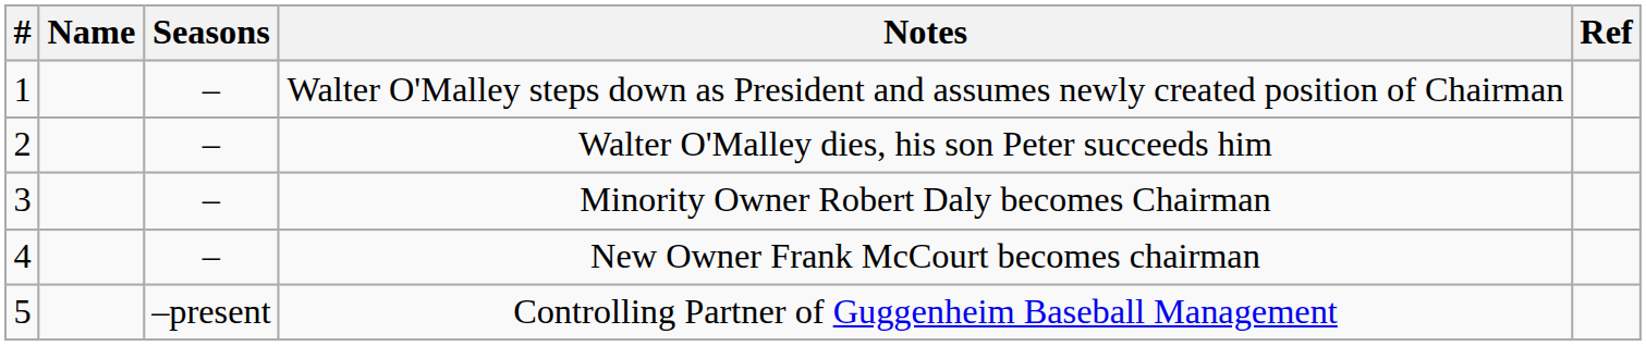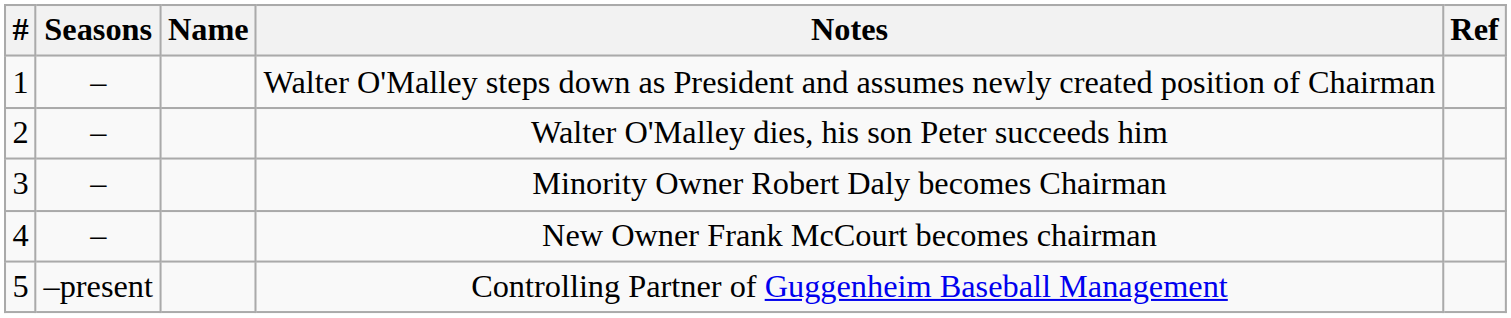 <table class="wikitable sortable" style="text-align:center">
 <tr>
 <th class="unsortable">#</th>
+<th>Seasons</th>
 <th>Name</th>
-<th>Seasons</th>
 <th class="unsortable">Notes</th>
 <th class="unsortable">Ref</th>
 </tr>
 <tr>
 <td>1</td>
+<td>–</td>
 <td></td>
-<td>–</td>
 <td>Walter O'Malley steps down as President and assumes newly created position of Chairman</td>
 <td></td>
 </tr>
 <tr>
 <td>2</td>
+<td>–</td>
 <td></td>
-<td>–</td>
 <td>Walter O'Malley dies, his son Peter succeeds him</td>
 <td></td>
 </tr>
 <tr>
 <td>3</td>
+<td>–</td>
 <td></td>
-<td>–</td>
 <td>Minority Owner Robert Daly becomes Chairman</td>
 <td></td>
 </tr>
 <tr>
 <td>4</td>
+<td>–</td>
 <td></td>
-<td>–</td>
 <td>New Owner Frank McCourt becomes chairman</td>
 <td></td>
 </tr>
 <tr>
 <td>5</td>
+<td>–present</td>
 <td></td>
-<td>–present</td>
 <td>Controlling Partner of <a href='#'>Guggenheim Baseball Management</a></td>
 <td></td>
 </tr>
 </table>
